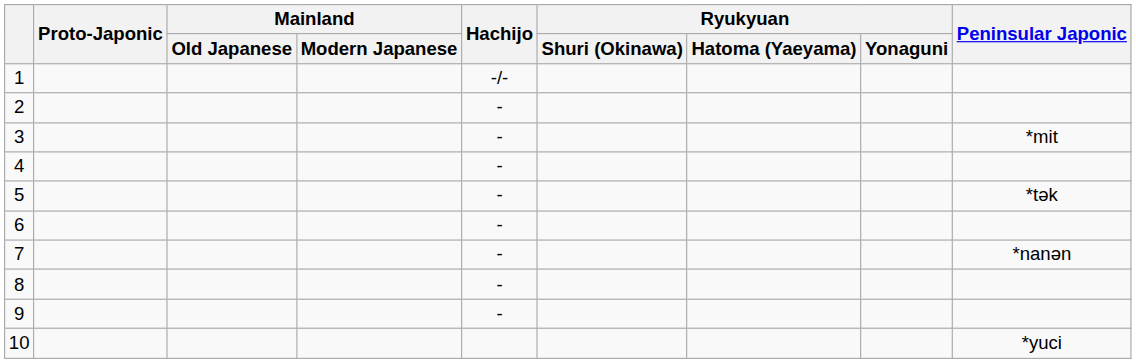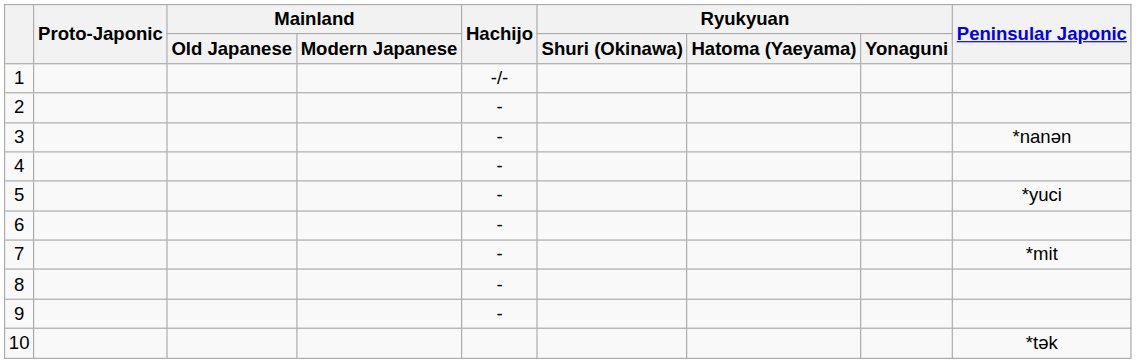 <table class="wikitable" style="text-align: center;">
 <tr>
 <th rowspan="2"></th>
 <th rowspan="2">Proto-Japonic</th>
 <th colspan="2">Mainland</th>
 <th rowspan="2">Hachijo</th>
 <th colspan="3">Ryukyuan</th>
 <th rowspan="2"><a href='#'>Peninsular Japonic</a></th>
 </tr>
 <tr>
 <th>Old Japanese</th>
 <th>Modern Japanese</th>
 <th>Shuri (Okinawa)</th>
 <th>Hatoma (Yaeyama)</th>
 <th>Yonaguni</th>
 </tr>
 <tr>
 <td>1</td>
 <td></td>
 <td></td>
 <td></td>
 <td>-/-</td>
 <td></td>
 <td></td>
 <td></td>
 <td></td>
 </tr>
 <tr>
 <td>2</td>
 <td></td>
 <td></td>
 <td></td>
 <td>-</td>
 <td></td>
 <td></td>
 <td></td>
 <td></td>
 </tr>
 <tr>
 <td>3</td>
 <td></td>
 <td></td>
 <td></td>
 <td>-</td>
 <td></td>
 <td></td>
 <td></td>
-<td>*mit</td>
+<td>*nanən</td>
 </tr>
 <tr>
 <td>4</td>
 <td></td>
 <td></td>
 <td></td>
 <td>-</td>
 <td></td>
 <td></td>
 <td></td>
 <td></td>
 </tr>
 <tr>
 <td>5</td>
 <td></td>
 <td></td>
 <td></td>
 <td>-</td>
 <td></td>
 <td></td>
 <td></td>
-<td>*tək</td>
+<td>*yuci</td>
 </tr>
 <tr>
 <td>6</td>
 <td></td>
 <td></td>
 <td></td>
 <td>-</td>
 <td></td>
 <td></td>
 <td></td>
 <td></td>
 </tr>
 <tr>
 <td>7</td>
 <td></td>
 <td></td>
 <td></td>
 <td>-</td>
 <td></td>
 <td></td>
 <td></td>
-<td>*nanən</td>
+<td>*mit</td>
 </tr>
 <tr>
 <td>8</td>
 <td></td>
 <td></td>
 <td></td>
 <td>-</td>
 <td></td>
 <td></td>
 <td></td>
 <td></td>
 </tr>
 <tr>
 <td>9</td>
 <td></td>
 <td></td>
 <td></td>
 <td>-</td>
 <td></td>
 <td></td>
 <td></td>
 <td></td>
 </tr>
 <tr>
 <td>10</td>
 <td></td>
 <td></td>
 <td></td>
 <td></td>
 <td></td>
 <td></td>
 <td></td>
-<td>*yuci</td>
+<td>*tək</td>
 </tr>
 </table>
